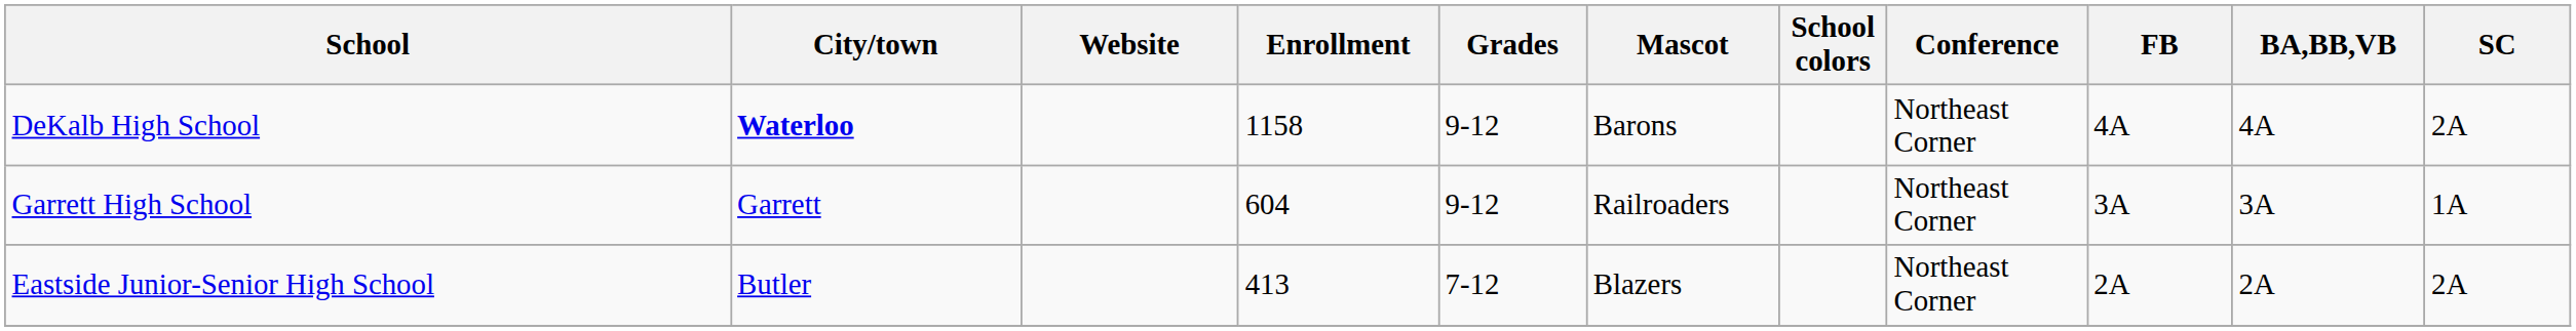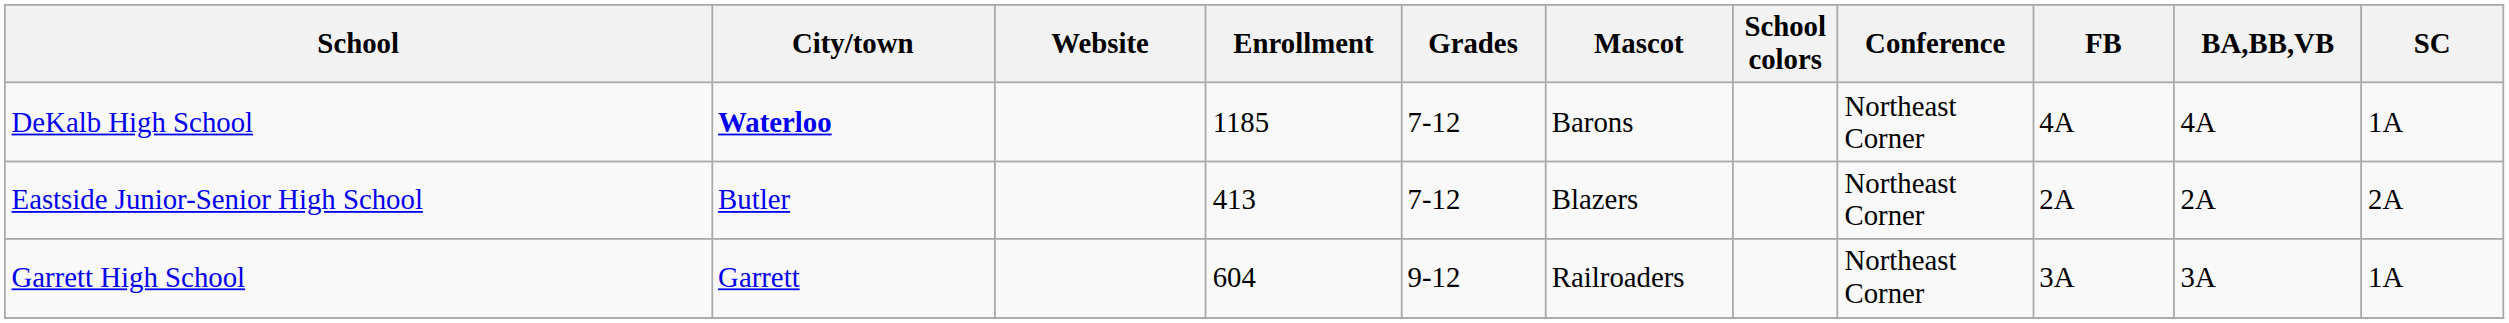 <table class="wikitable sortable" width="70%">
 <tr>
 <th width="20%">School</th>
 <th width="08%">City/town</th>
 <th width="06%">Website</th>
 <th width="04%">Enrollment</th>
 <th width="04%">Grades</th>
 <th width="04%">Mascot</th>
 <th width=01%>School colors</th>
 <th width="04%">Conference</th>
 <th width="04%">FB</th>
 <th width="04%">BA,BB,VB</th>
 <th width="04%">SC</th>
 </tr>
 <tr>
 <td><a href='#'>DeKalb High School</a></td>
 <td><strong><a href='#'>Waterloo</a></strong></td>
 <td></td>
-<td>1158</td>
-<td>9-12</td>
+<td>1185</td>
+<td>7-12</td>
 <td>Barons</td>
 <td> </td>
 <td>Northeast Corner</td>
 <td>4A</td>
 <td>4A</td>
+<td>1A</td>
+</tr>
+<tr>
+<td><a href='#'>Eastside Junior-Senior High School</a></td>
+<td><a href='#'>Butler</a></td>
+<td></td>
+<td>413</td>
+<td>7-12</td>
+<td>Blazers</td>
+<td> </td>
+<td>Northeast Corner</td>
+<td>2A</td>
+<td>2A</td>
 <td>2A</td>
 </tr>
 <tr>
 <td><a href='#'>Garrett High School</a></td>
 <td><a href='#'>Garrett</a></td>
 <td></td>
 <td>604</td>
 <td>9-12</td>
 <td>Railroaders</td>
 <td> </td>
 <td>Northeast Corner</td>
 <td>3A</td>
 <td>3A</td>
 <td>1A</td>
 </tr>
 <tr>
-<td><a href='#'>Eastside Junior-Senior High School</a></td>
-<td><a href='#'>Butler</a></td>
-<td></td>
-<td>413</td>
-<td>7-12</td>
-<td>Blazers</td>
-<td> </td>
-<td>Northeast Corner</td>
-<td>2A</td>
-<td>2A</td>
-<td>2A</td>
-</tr>
-<tr>
 </tr>
 </table>
